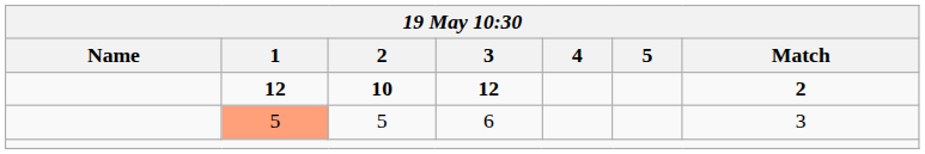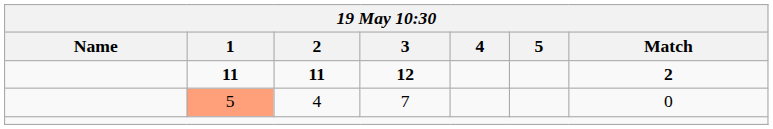 <table class=wikitable style="text-align:center; width: 55%">
 <tr>
 <th colspan=17><em>19 May 10:30</em></th>
 </tr>
 <tr>
 <th>Name</th>
 <th>1</th>
 <th>2</th>
 <th>3</th>
 <th>4</th>
 <th>5</th>
 <th>Match</th>
 </tr>
 <tr>
 <td style="text-align:left;"><strong></strong></td>
-<td><strong>12</strong></td>
-<td><strong>10</strong></td>
+<td><strong>11</strong></td>
+<td><strong>11</strong></td>
 <td><strong>12</strong></td>
 <td></td>
 <td></td>
 <td><strong>2</strong></td>
 </tr>
 <tr>
 <td style="text-align:left;"></td>
 <td style="background: lightsalmon;">5</td>
-<td>5</td>
-<td>6</td>
+<td>4</td>
+<td>7</td>
 <td></td>
 <td></td>
-<td>3</td>
+<td>0</td>
 </tr>
 <tr>
 <td colspan=17></td>
 </tr>
 </table>
